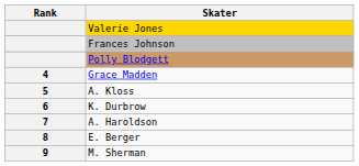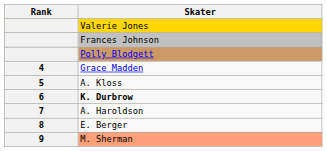 <table class="wikitable unsortable" style="text-align:left; width:30%">
 <tr>
 <th scope="col">Rank</th>
 <th scope="col">Skater</th>
 </tr>
 <tr bgcolor="gold">
 <th scope="row"></th>
 <td>Valerie Jones</td>
 </tr>
 <tr bgcolor="silver">
 <th scope="row"></th>
 <td>Frances Johnson</td>
 </tr>
 <tr bgcolor="cc9966">
 <th scope="row"></th>
 <td><a href='#'>Polly Blodgett</a></td>
 </tr>
 <tr>
 <th scope="row">4</th>
 <td><a href='#'>Grace Madden</a></td>
 </tr>
 <tr>
 <th scope="row">5</th>
 <td>A. Kloss</td>
 </tr>
 <tr>
 <th scope="row">6</th>
-<td>K. Durbrow</td>
+<td><strong>K. Durbrow</strong></td>
 </tr>
 <tr>
 <th scope="row">7</th>
 <td>A. Haroldson</td>
 </tr>
 <tr>
 <th scope="row">8</th>
 <td>E. Berger</td>
 </tr>
 <tr>
 <th scope="row">9</th>
-<td>M. Sherman</td>
+<td style="background: lightsalmon;">M. Sherman</td>
 </tr>
 </table>
